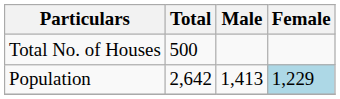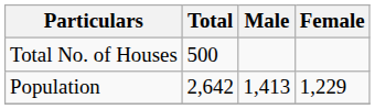 <table class="wikitable sortable">
 <tr>
 <th>Particulars</th>
 <th>Total</th>
 <th>Male</th>
 <th>Female</th>
 </tr>
 <tr>
 <td>Total No. of Houses</td>
 <td>500</td>
 <td></td>
 <td></td>
 </tr>
 <tr>
 <td>Population</td>
 <td>2,642</td>
 <td>1,413</td>
-<td style="background: lightblue;">1,229</td>
+<td>1,229</td>
 </tr>
 <tr>
 </tr>
 </table>
